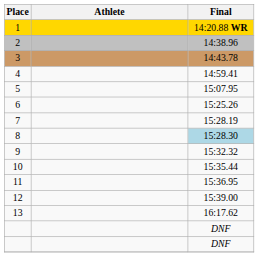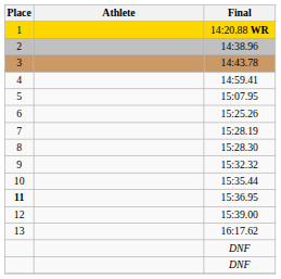 <table class="wikitable" style="text-align:center">
 <tr>
 <th>Place</th>
 <th width=250>Athlete</th>
 <th width=100>Final</th>
 </tr>
 <tr bgcolor=gold>
 <td>1</td>
 <td align=left></td>
 <td>14:20.88 <strong>WR</strong></td>
 </tr>
 <tr bgcolor=silver>
 <td>2</td>
 <td align=left></td>
 <td>14:38.96</td>
 </tr>
 <tr bgcolor=cc9966>
 <td>3</td>
 <td align=left></td>
 <td>14:43.78</td>
 </tr>
 <tr>
 <td>4</td>
 <td align=left></td>
 <td>14:59.41</td>
 </tr>
 <tr>
 <td>5</td>
 <td align=left></td>
 <td>15:07.95</td>
 </tr>
 <tr>
 <td>6</td>
 <td align=left></td>
 <td>15:25.26</td>
 </tr>
 <tr>
 <td>7</td>
 <td align=left></td>
 <td>15:28.19</td>
 </tr>
 <tr>
 <td>8</td>
 <td align=left></td>
-<td style="background: lightblue;">15:28.30</td>
+<td>15:28.30</td>
 </tr>
 <tr>
 <td>9</td>
 <td align=left></td>
 <td>15:32.32</td>
 </tr>
 <tr>
 <td>10</td>
 <td align=left></td>
 <td>15:35.44</td>
 </tr>
 <tr>
-<td>11</td>
+<td><strong>11</strong></td>
 <td align=left></td>
 <td>15:36.95</td>
 </tr>
 <tr>
 <td>12</td>
 <td align=left></td>
 <td>15:39.00</td>
 </tr>
 <tr>
 <td>13</td>
 <td align=left></td>
 <td>16:17.62</td>
 </tr>
 <tr>
 <td></td>
 <td align=left></td>
 <td><em>DNF</em></td>
 </tr>
 <tr>
 <td></td>
 <td align=left></td>
 <td><em>DNF</em></td>
 </tr>
 <tr>
 </tr>
 </table>
